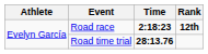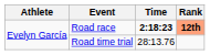 <table class="wikitable" style="font-size:90%">
 <tr>
 <th>Athlete</th>
 <th>Event</th>
 <th>Time</th>
 <th>Rank</th>
 </tr>
 <tr>
 <td rowspan=2><a href='#'>Evelyn García</a></td>
 <td><a href='#'>Road race</a></td>
 <td align=center><strong>2:18:23</strong></td>
-<td align=center><strong>12th</strong></td>
+<td align=center style="background: lightsalmon;"><strong>12th</strong></td>
 </tr>
 <tr>
 <td><a href='#'>Road time trial</a></td>
-<td align=center><strong>28:13.76</strong></td>
+<td align=center>28:13.76</td>
 <td align=center></td>
 </tr>
 </table>
